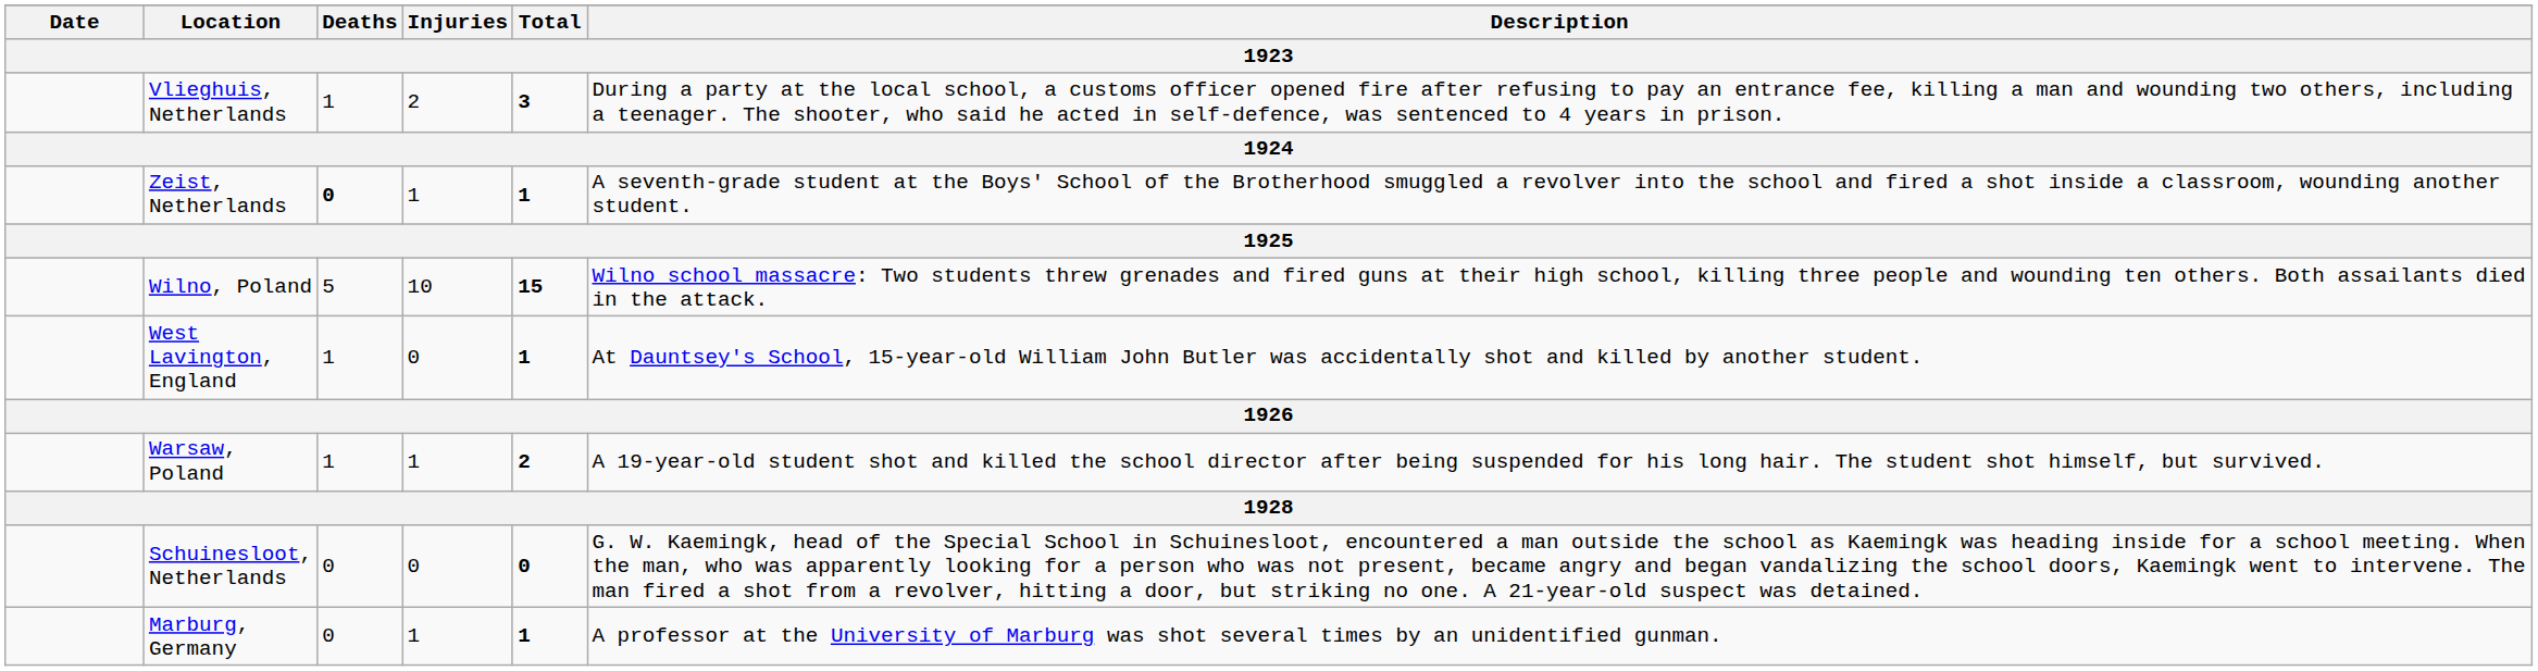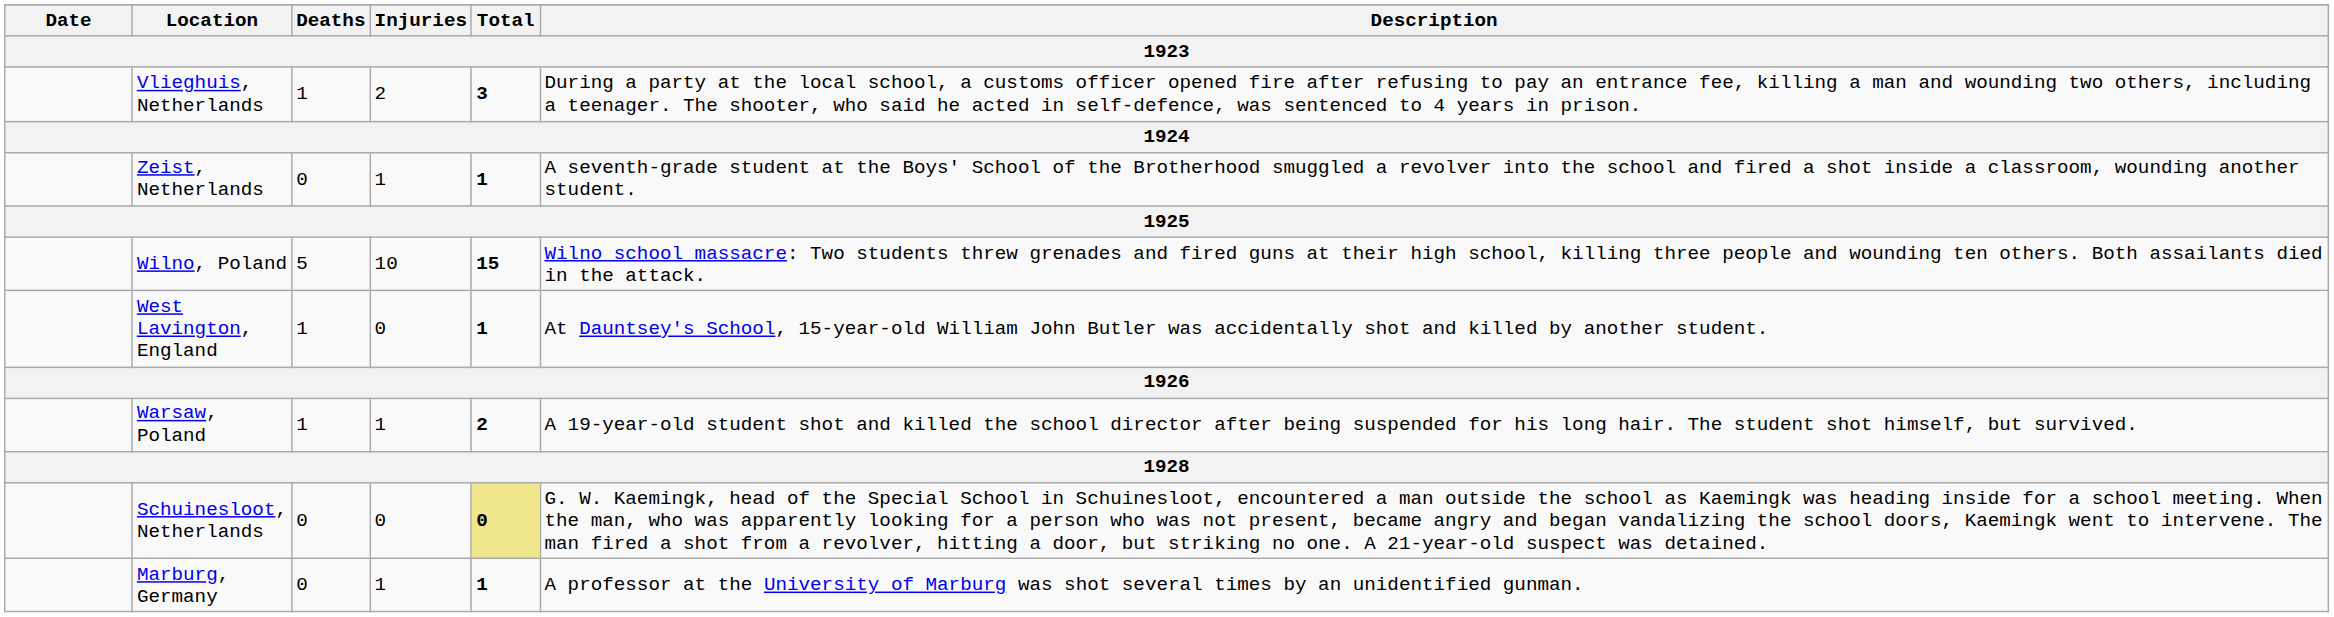 <table class="sortable wikitable" style="font-size:100%;" id="1920s">
 <tr>
 </tr>
 <tr>
 <th style="width:80px;">Date</th>
 <th style="width:90px;">Location</th>
 <th style="width:40px;">Deaths</th>
 <th style="width:40px;">Injuries</th>
 <th style="width:40px;">Total</th>
 <th class="unsortable">Description</th>
 </tr>
 <tr>
 <th colspan="7">1923 </th>
 </tr>
 <tr>
 <td></td>
 <td><a href='#'>Vlieghuis</a>, Netherlands</td>
 <td>1</td>
 <td>2</td>
 <td><strong>3</strong></td>
 <td>During a party at the local school, a customs officer opened fire after refusing to pay an entrance fee, killing a man and wounding two others, including a teenager. The shooter, who said he acted in self-defence, was sentenced to 4 years in prison.</td>
 </tr>
 <tr>
 <th colspan="7">1924 </th>
 </tr>
 <tr>
 <td></td>
 <td><a href='#'>Zeist</a>, Netherlands</td>
-<td><strong>0</strong></td>
+<td>0</td>
 <td>1</td>
 <td><strong>1</strong></td>
 <td>A seventh-grade student at the Boys' School of the Brotherhood smuggled a revolver into the school and fired a shot inside a classroom, wounding another student.</td>
 </tr>
 <tr>
 <th colspan="7">1925 </th>
 </tr>
 <tr>
 <td></td>
 <td><a href='#'>Wilno</a>, Poland</td>
 <td>5</td>
 <td>10</td>
 <td><strong>15</strong></td>
 <td><a href='#'>Wilno school massacre</a>: Two students threw grenades and fired guns at their high school, killing three people and wounding ten others. Both assailants died in the attack.</td>
 </tr>
 <tr>
 <td></td>
 <td><a href='#'>West Lavington</a>, England</td>
 <td>1</td>
 <td>0</td>
 <td><strong>1</strong></td>
 <td>At <a href='#'>Dauntsey's School</a>, 15-year-old William John Butler was accidentally shot and killed by another student.</td>
 </tr>
 <tr>
 <th colspan="7">1926 </th>
 </tr>
 <tr>
 <td></td>
 <td><a href='#'>Warsaw</a>, Poland</td>
 <td>1</td>
 <td>1</td>
 <td><strong>2</strong></td>
 <td>A 19-year-old student shot and killed the school director after being suspended for his long hair. The student shot himself, but survived.</td>
 </tr>
 <tr>
 <th colspan="7">1928 </th>
 </tr>
 <tr>
 <td></td>
 <td><a href='#'>Schuinesloot</a>, Netherlands</td>
 <td>0</td>
 <td>0</td>
-<td><strong>0</strong></td>
+<td style="background: khaki;"><strong>0</strong></td>
 <td>G. W. Kaemingk, head of the Special School in Schuinesloot, encountered a man outside the school as Kaemingk was heading inside for a school meeting. When the man, who was apparently looking for a person who was not present, became angry and began vandalizing the school doors, Kaemingk went to intervene. The man fired a shot from a revolver, hitting a door, but striking no one. A 21-year-old suspect was detained.</td>
 </tr>
 <tr>
 <td></td>
 <td><a href='#'>Marburg</a>, Germany</td>
 <td>0</td>
 <td>1</td>
 <td><strong>1</strong></td>
 <td>A professor at the <a href='#'>University of Marburg</a> was shot several times by an unidentified gunman.</td>
 </tr>
 </table>
